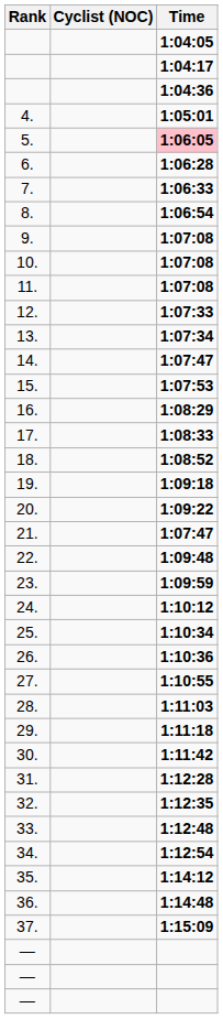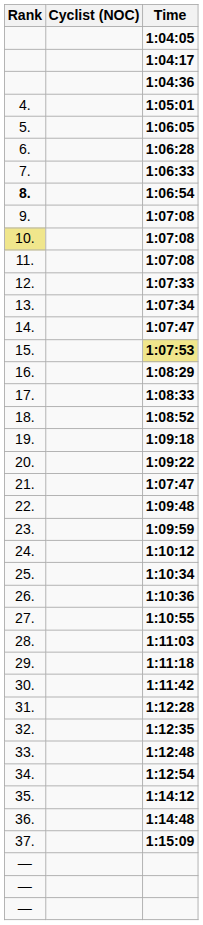 <table class="wikitable sortable" style="text-align:center">
 <tr>
 <th>Rank</th>
 <th>Cyclist (NOC)</th>
 <th>Time</th>
 </tr>
 <tr>
 <td></td>
 <td></td>
 <td align="center"><strong>1:04:05</strong></td>
 </tr>
 <tr>
 <td></td>
 <td></td>
 <td align="center"><strong>1:04:17</strong></td>
 </tr>
 <tr>
 <td></td>
 <td></td>
 <td align="center"><strong>1:04:36</strong></td>
 </tr>
 <tr>
 <td align="center">4.</td>
 <td></td>
 <td align="center"><strong>1:05:01</strong></td>
 </tr>
 <tr>
 <td align="center">5.</td>
 <td></td>
-<td align="center" style="background: pink;"><strong>1:06:05</strong></td>
+<td align="center"><strong>1:06:05</strong></td>
 </tr>
 <tr>
 <td align="center">6.</td>
 <td></td>
 <td align="center"><strong>1:06:28</strong></td>
 </tr>
 <tr>
 <td align="center">7.</td>
 <td></td>
 <td align="center"><strong>1:06:33</strong></td>
 </tr>
 <tr>
-<td align="center">8.</td>
+<td align="center"><strong>8.</strong></td>
 <td></td>
 <td align="center"><strong>1:06:54</strong></td>
 </tr>
 <tr>
 <td align="center">9.</td>
 <td></td>
 <td align="center"><strong>1:07:08</strong></td>
 </tr>
 <tr>
-<td align="center">10.</td>
+<td align="center" style="background: khaki;">10.</td>
 <td></td>
 <td align="center"><strong>1:07:08</strong></td>
 </tr>
 <tr>
 <td align="center">11.</td>
 <td></td>
 <td align="center"><strong>1:07:08</strong></td>
 </tr>
 <tr>
 <td align="center">12.</td>
 <td></td>
 <td align="center"><strong>1:07:33</strong></td>
 </tr>
 <tr>
 <td align="center">13.</td>
 <td></td>
 <td align="center"><strong>1:07:34</strong></td>
 </tr>
 <tr>
 <td align="center">14.</td>
 <td></td>
 <td align="center"><strong>1:07:47</strong></td>
 </tr>
 <tr>
 <td align="center">15.</td>
 <td></td>
-<td align="center"><strong>1:07:53</strong></td>
+<td align="center" style="background: khaki;"><strong>1:07:53</strong></td>
 </tr>
 <tr>
 <td align="center">16.</td>
 <td></td>
 <td align="center"><strong>1:08:29</strong></td>
 </tr>
 <tr>
 <td align="center">17.</td>
 <td></td>
 <td align="center"><strong>1:08:33</strong></td>
 </tr>
 <tr>
 <td align="center">18.</td>
 <td></td>
 <td align="center"><strong>1:08:52</strong></td>
 </tr>
 <tr>
 <td align="center">19.</td>
 <td></td>
 <td align="center"><strong>1:09:18</strong></td>
 </tr>
 <tr>
 <td align="center">20.</td>
 <td></td>
 <td align="center"><strong>1:09:22</strong></td>
 </tr>
 <tr>
 <td align="center">21.</td>
 <td></td>
 <td align="center"><strong>1:07:47</strong></td>
 </tr>
 <tr>
 <td align="center">22.</td>
 <td></td>
 <td align="center"><strong>1:09:48</strong></td>
 </tr>
 <tr>
 <td align="center">23.</td>
 <td></td>
 <td align="center"><strong>1:09:59</strong></td>
 </tr>
 <tr>
 <td align="center">24.</td>
 <td></td>
 <td align="center"><strong>1:10:12</strong></td>
 </tr>
 <tr>
 <td align="center">25.</td>
 <td></td>
 <td align="center"><strong>1:10:34</strong></td>
 </tr>
 <tr>
 <td align="center">26.</td>
 <td></td>
 <td align="center"><strong>1:10:36</strong></td>
 </tr>
 <tr>
 <td align="center">27.</td>
 <td></td>
 <td align="center"><strong>1:10:55</strong></td>
 </tr>
 <tr>
 <td align="center">28.</td>
 <td></td>
 <td align="center"><strong>1:11:03</strong></td>
 </tr>
 <tr>
 <td align="center">29.</td>
 <td></td>
 <td align="center"><strong>1:11:18</strong></td>
 </tr>
 <tr>
 <td align="center">30.</td>
 <td></td>
 <td align="center"><strong>1:11:42</strong></td>
 </tr>
 <tr>
 <td align="center">31.</td>
 <td></td>
 <td align="center"><strong>1:12:28</strong></td>
 </tr>
 <tr>
 <td align="center">32.</td>
 <td></td>
 <td align="center"><strong>1:12:35</strong></td>
 </tr>
 <tr>
 <td align="center">33.</td>
 <td></td>
 <td align="center"><strong>1:12:48</strong></td>
 </tr>
 <tr>
 <td align="center">34.</td>
 <td></td>
 <td align="center"><strong>1:12:54</strong></td>
 </tr>
 <tr>
 <td align="center">35.</td>
 <td></td>
 <td align="center"><strong>1:14:12</strong></td>
 </tr>
 <tr>
 <td align="center">36.</td>
 <td></td>
 <td align="center"><strong>1:14:48</strong></td>
 </tr>
 <tr>
 <td align="center">37.</td>
 <td></td>
 <td align="center"><strong>1:15:09</strong></td>
 </tr>
 <tr>
 <td align="center">—</td>
 <td></td>
 <td data-sort-value=9:99:99></td>
 </tr>
 <tr>
 <td align="center">—</td>
 <td></td>
 <td data-sort-value=9:99:99></td>
 </tr>
 <tr>
 <td align="center">—</td>
 <td></td>
 <td data-sort-value=9:99:99></td>
 </tr>
 </table>
